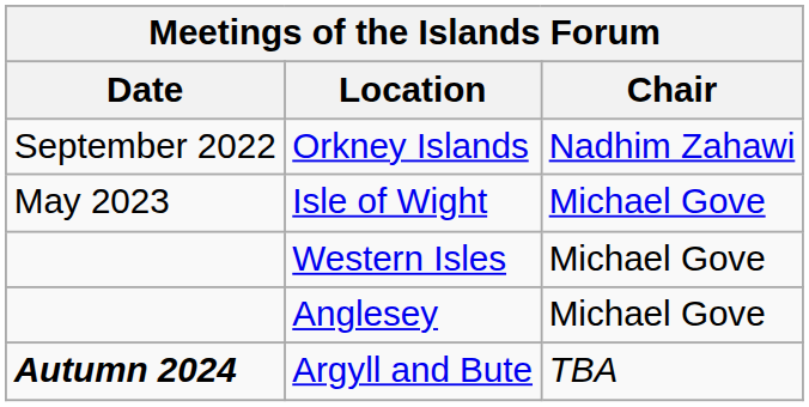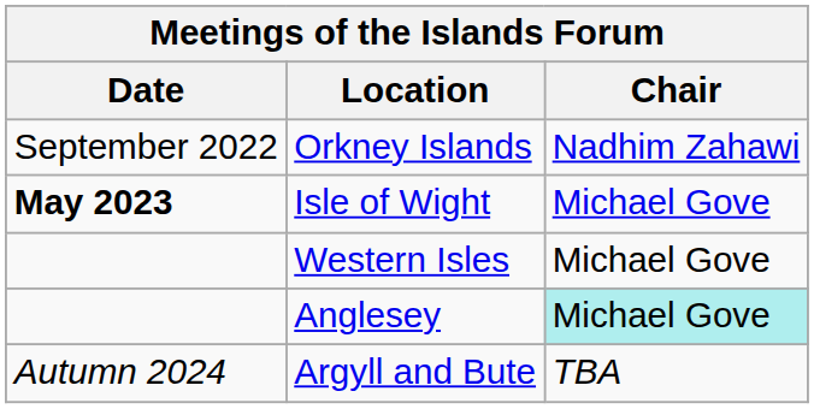 <table class="wikitable">
 <tr>
 <th colspan="3">Meetings of the Islands Forum</th>
 </tr>
 <tr>
 <th>Date</th>
 <th>Location</th>
 <th>Chair</th>
 </tr>
 <tr>
 <td>September 2022</td>
 <td><a href='#'>Orkney Islands</a></td>
 <td><a href='#'>Nadhim Zahawi</a></td>
 </tr>
 <tr>
-<td>May 2023</td>
+<td><strong>May 2023</strong></td>
 <td><a href='#'>Isle of Wight</a></td>
 <td><a href='#'>Michael Gove</a></td>
 </tr>
 <tr>
 <td></td>
 <td><a href='#'>Western Isles</a></td>
 <td>Michael Gove</td>
 </tr>
 <tr>
 <td></td>
 <td><a href='#'>Anglesey </a></td>
-<td>Michael Gove</td>
+<td style="background: paleturquoise;">Michael Gove</td>
 </tr>
 <tr>
-<td><strong><em>Autumn 2024</em></strong></td>
+<td><em>Autumn 2024</em></td>
 <td><a href='#'>Argyll and Bute</a></td>
 <td><em>TBA</em></td>
 </tr>
 </table>
